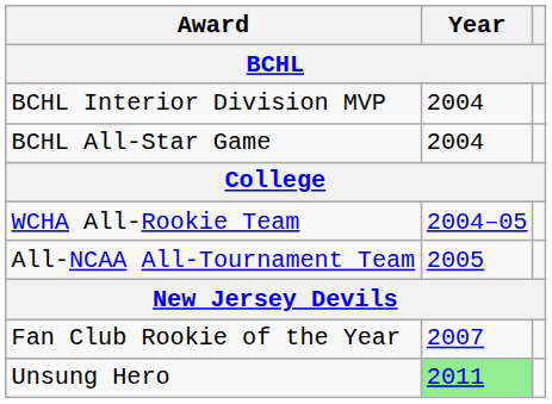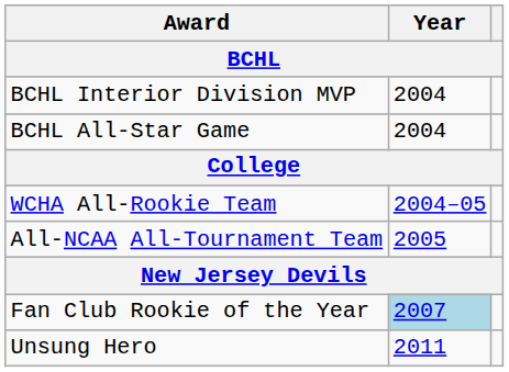 <table class="wikitable">
 <tr>
 <th>Award</th>
 <th>Year</th>
 <th></th>
 </tr>
 <tr>
 <th colspan="3"><a href='#'>BCHL</a></th>
 </tr>
 <tr>
 <td>BCHL Interior Division MVP</td>
 <td>2004</td>
 <td></td>
 </tr>
 <tr>
 <td>BCHL All-Star Game</td>
 <td>2004</td>
 <td></td>
 </tr>
 <tr>
 <th colspan="3"><a href='#'>College</a></th>
 </tr>
 <tr>
 <td><a href='#'>WCHA</a> All-<a href='#'>Rookie Team</a></td>
 <td><a href='#'>2004–05</a></td>
 <td></td>
 </tr>
 <tr>
 <td>All-<a href='#'>NCAA</a> <a href='#'>All-Tournament Team</a></td>
 <td><a href='#'>2005</a></td>
 <td></td>
 </tr>
 <tr>
 <th colspan="3"><a href='#'>New Jersey Devils</a></th>
 </tr>
 <tr>
 <td>Fan Club Rookie of the Year</td>
-<td><a href='#'>2007</a></td>
+<td style="background: lightblue;"><a href='#'>2007</a></td>
 <td></td>
 </tr>
 <tr>
 <td>Unsung Hero</td>
-<td style="background: lightgreen;"><a href='#'>2011</a></td>
+<td><a href='#'>2011</a></td>
 <td></td>
 </tr>
 </table>
